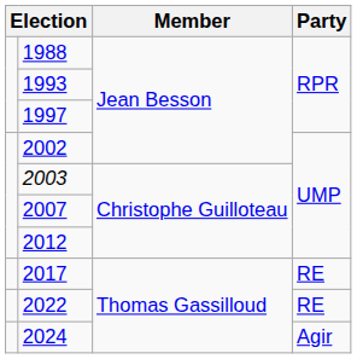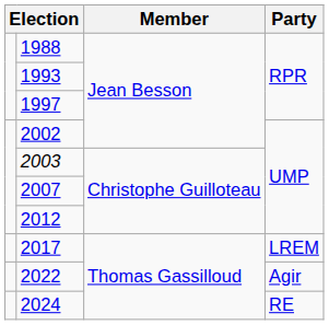 <table class="wikitable">
 <tr>
 <th colspan=2>Election</th>
 <th>Member</th>
 <th>Party</th>
 </tr>
 <tr>
 <td rowspan="3" style="background-color: "></td>
 <td><a href='#'>1988</a></td>
 <td rowspan="4"><a href='#'>Jean Besson</a></td>
 <td rowspan="3"><a href='#'>RPR</a></td>
 </tr>
 <tr>
 <td><a href='#'>1993</a></td>
 </tr>
 <tr>
 <td><a href='#'>1997</a></td>
 </tr>
 <tr>
 <td rowspan="4" style="background-color: "></td>
 <td><a href='#'>2002</a></td>
 <td rowspan="4"><a href='#'>UMP</a></td>
 </tr>
 <tr>
 <td><em>2003</em></td>
 <td rowspan="3"><a href='#'>Christophe Guilloteau</a></td>
 </tr>
 <tr>
 <td><a href='#'>2007</a></td>
 </tr>
 <tr>
 <td><a href='#'>2012</a></td>
 </tr>
 <tr>
 <td style="background-color: "></td>
 <td><a href='#'>2017</a></td>
 <td rowspan="3"><a href='#'>Thomas Gassilloud</a></td>
-<td><a href='#'>RE</a></td>
+<td><a href='#'>LREM</a></td>
 </tr>
 <tr>
 <td style="background-color: "></td>
 <td><a href='#'>2022</a></td>
-<td><a href='#'>RE</a></td>
+<td><a href='#'>Agir</a></td>
 </tr>
 <tr>
 <td style="background-color: "></td>
 <td><a href='#'>2024</a></td>
-<td><a href='#'>Agir</a></td>
+<td><a href='#'>RE</a></td>
 </tr>
 </table>
